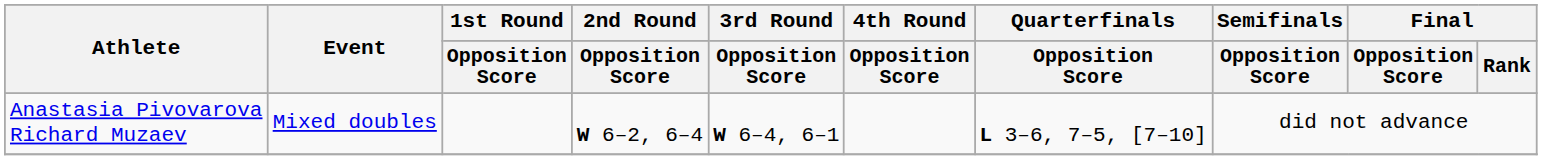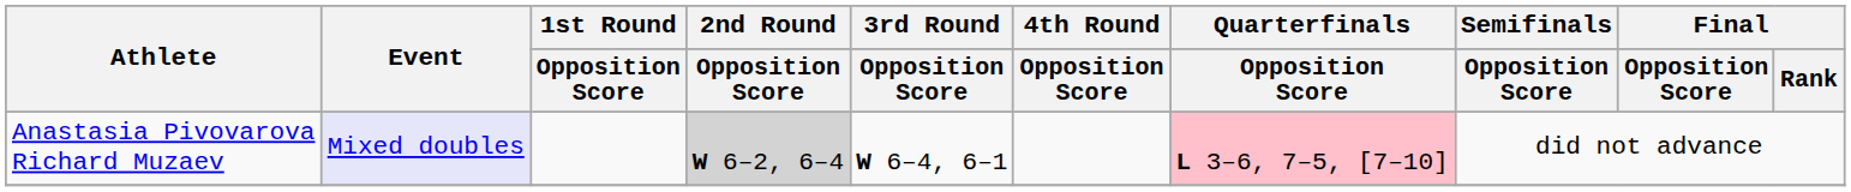 <table class="wikitable" style="text-align:center; font-size:90%">
 <tr>
 <th rowspan=2>Athlete</th>
 <th rowspan=2>Event</th>
 <th>1st Round</th>
 <th>2nd Round</th>
 <th>3rd Round</th>
 <th>4th Round</th>
 <th>Quarterfinals</th>
 <th>Semifinals</th>
 <th colspan=2>Final</th>
 </tr>
 <tr style="font-size:95%">
 <th>Opposition<br>Score</th>
 <th>Opposition<br>Score</th>
 <th>Opposition<br>Score</th>
 <th>Opposition<br>Score</th>
 <th>Opposition<br>Score</th>
 <th>Opposition<br>Score</th>
 <th>Opposition<br>Score</th>
 <th>Rank</th>
 </tr>
 <tr align=center>
 <td align=left><a href='#'>Anastasia Pivovarova</a><br><a href='#'>Richard Muzaev</a></td>
-<td align=left><a href='#'>Mixed doubles</a></td>
+<td align=left style="background: lavender;"><a href='#'>Mixed doubles</a></td>
 <td></td>
-<td><br><strong>W</strong> 6–2, 6–4</td>
+<td style="background: lightgrey;"><br><strong>W</strong> 6–2, 6–4</td>
 <td><br><strong>W</strong> 6–4, 6–1</td>
 <td></td>
-<td><br><strong>L</strong> 3–6, 7–5, [7–10]</td>
+<td style="background: pink;"><br><strong>L</strong> 3–6, 7–5, [7–10]</td>
 <td colspan=3>did not advance</td>
 </tr>
 <tr align=center>
 </tr>
 </table>
